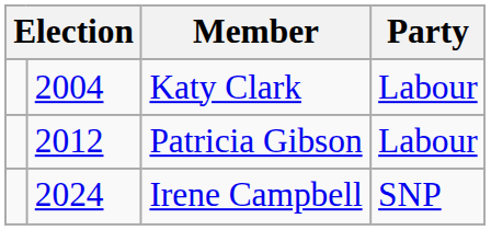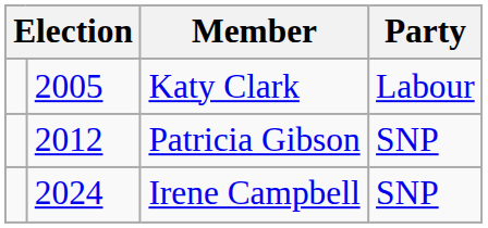 <table class="wikitable">
 <tr>
 <th colspan="2">Election</th>
 <th>Member</th>
 <th>Party</th>
 </tr>
 <tr>
 <td style="color:inherit;background-color: "></td>
-<td><a href='#'>2004</a></td>
+<td><a href='#'>2005</a></td>
 <td><a href='#'>Katy Clark</a></td>
 <td><a href='#'>Labour</a></td>
 </tr>
 <tr>
 <td style="color:inherit;background-color: "></td>
 <td><a href='#'>2012</a></td>
 <td><a href='#'>Patricia Gibson</a></td>
-<td><a href='#'>Labour</a></td>
+<td><a href='#'>SNP</a></td>
 </tr>
 <tr>
 <td style="color:inherit;background-color: "></td>
 <td><a href='#'>2024</a></td>
 <td><a href='#'>Irene Campbell</a></td>
 <td><a href='#'>SNP</a></td>
 </tr>
 </table>
